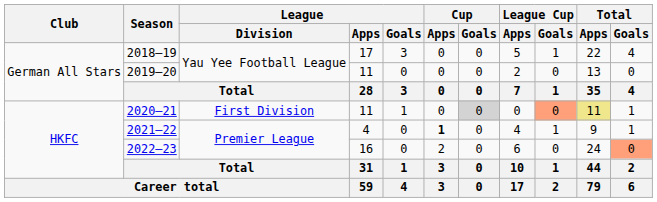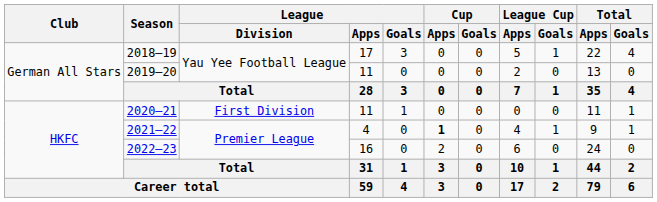 <table class="wikitable" style="text-align: center">
 <tr>
 <th rowspan="2">Club</th>
 <th rowspan="2">Season</th>
 <th colspan="3">League</th>
 <th colspan="2">Cup</th>
 <th colspan="2">League Cup</th>
 <th colspan="2">Total</th>
 </tr>
 <tr>
 <th>Division</th>
 <th>Apps</th>
 <th>Goals</th>
 <th>Apps</th>
 <th>Goals</th>
 <th>Apps</th>
 <th>Goals</th>
 <th>Apps</th>
 <th>Goals</th>
 </tr>
 <tr>
 <td rowspan="3">German All Stars</td>
 <td>2018–19</td>
 <td rowspan="2">Yau Yee Football League</td>
 <td>17</td>
 <td>3</td>
 <td>0</td>
 <td>0</td>
 <td>5</td>
 <td>1</td>
 <td>22</td>
 <td>4</td>
 </tr>
 <tr>
 <td>2019–20</td>
 <td>11</td>
 <td>0</td>
 <td>0</td>
 <td>0</td>
 <td>2</td>
 <td>0</td>
 <td>13</td>
 <td>0</td>
 </tr>
 <tr>
 <th colspan="2">Total</th>
 <th>28</th>
 <th>3</th>
 <th>0</th>
 <th>0</th>
 <th>7</th>
 <th>1</th>
 <th>35</th>
 <th>4</th>
 </tr>
 <tr>
 <td rowspan="4"><a href='#'>HKFC</a></td>
 <td><a href='#'>2020–21</a></td>
 <td><a href='#'>First Division</a></td>
 <td>11</td>
 <td>1</td>
 <td>0</td>
-<td style="background: lightgrey;">0</td>
 <td>0</td>
-<td style="background: lightsalmon;">0</td>
-<td style="background: khaki;">11</td>
+<td>0</td>
+<td>0</td>
+<td>11</td>
 <td>1</td>
 </tr>
 <tr>
 <td><a href='#'>2021–22</a></td>
 <td rowspan="2"><a href='#'>Premier League</a></td>
 <td>4</td>
 <td>0</td>
 <td><strong>1</strong></td>
 <td>0</td>
 <td>4</td>
 <td>1</td>
 <td>9</td>
 <td>1</td>
 </tr>
 <tr>
 <td><a href='#'>2022–23</a></td>
 <td>16</td>
 <td>0</td>
 <td>2</td>
 <td>0</td>
 <td>6</td>
 <td>0</td>
 <td>24</td>
-<td style="background: lightsalmon;">0</td>
+<td>0</td>
 </tr>
 <tr>
 <th colspan="2">Total</th>
 <th>31</th>
 <th>1</th>
 <th>3</th>
 <th>0</th>
 <th>10</th>
 <th>1</th>
 <th>44</th>
 <th>2</th>
 </tr>
 <tr>
 <th colspan="3">Career total</th>
 <th>59</th>
 <th>4</th>
 <th>3</th>
 <th>0</th>
 <th>17</th>
 <th>2</th>
 <th>79</th>
 <th>6</th>
 </tr>
 </table>
